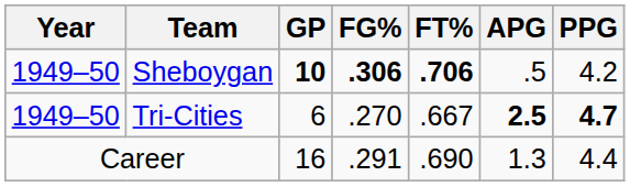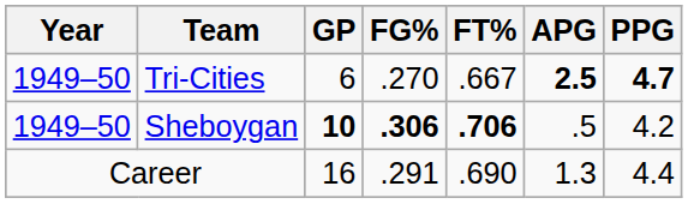 <table class="wikitable sortable" style="font-size:95%; text-align:right;">
 <tr>
 <th>Year</th>
 <th>Team</th>
 <th>GP</th>
 <th>FG%</th>
 <th>FT%</th>
 <th>APG</th>
 <th>PPG</th>
 </tr>
 <tr>
 <td style="text-align:left;"><a href='#'>1949–50</a></td>
+<td style="text-align:left;"><a href='#'>Tri-Cities</a></td>
+<td>6</td>
+<td>.270</td>
+<td>.667</td>
+<td><strong>2.5</strong></td>
+<td><strong>4.7</strong></td>
+</tr>
+<tr>
+<td style="text-align:left;"><a href='#'>1949–50</a></td>
 <td style="text-align:left;"><a href='#'>Sheboygan</a></td>
 <td><strong>10</strong></td>
 <td><strong>.306</strong></td>
 <td><strong>.706</strong></td>
 <td>.5</td>
 <td>4.2</td>
-</tr>
-<tr>
-<td style="text-align:left;"><a href='#'>1949–50</a></td>
-<td style="text-align:left;"><a href='#'>Tri-Cities</a></td>
-<td>6</td>
-<td>.270</td>
-<td>.667</td>
-<td><strong>2.5</strong></td>
-<td><strong>4.7</strong></td>
 </tr>
 <tr>
 <td colspan="2" style="text-align:center;">Career</td>
 <td>16</td>
 <td>.291</td>
 <td>.690</td>
 <td>1.3</td>
 <td>4.4</td>
 </tr>
 </table>
